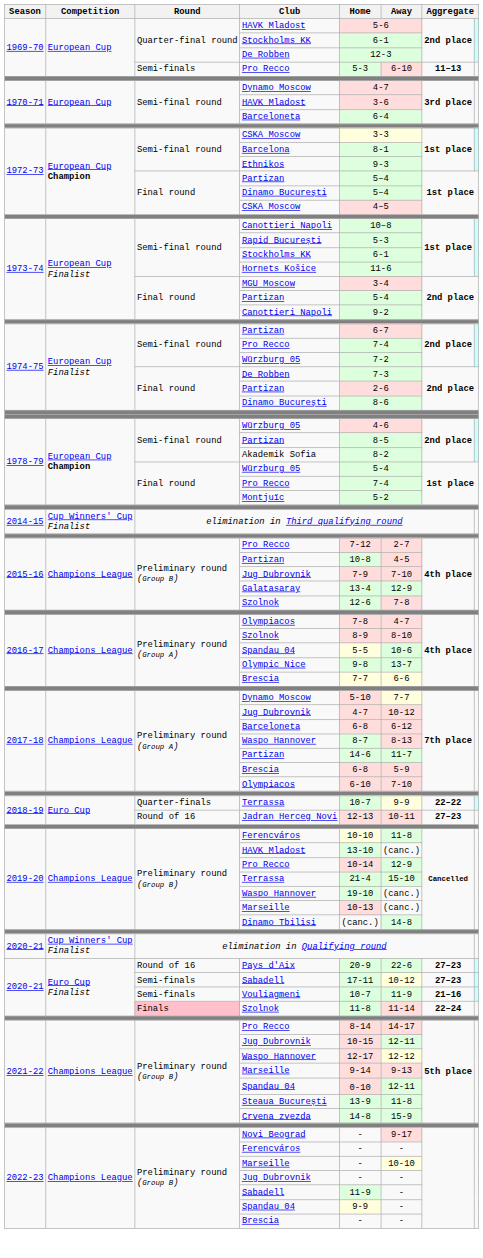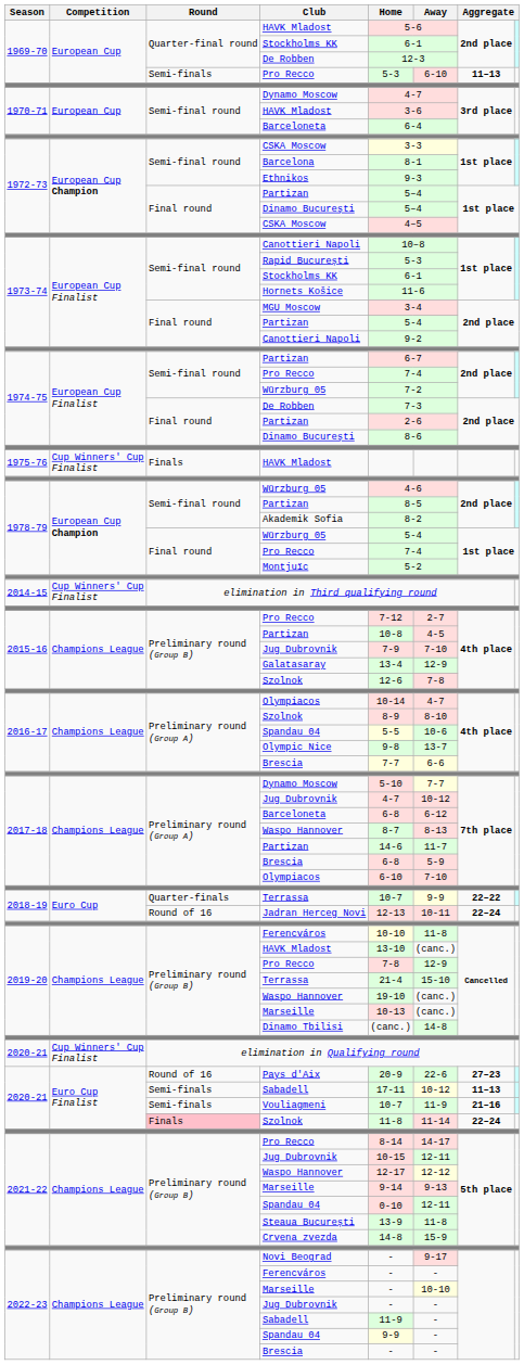 <table class="wikitable collapsible collapsed" align="center" style="text-align:left;">
 <tr>
 <th>Season</th>
 <th>Competition</th>
 <th>Round</th>
 <th>Club</th>
 <th>Home</th>
 <th>Away</th>
 <th colspan=2>Aggregate</th>
 </tr>
 <tr>
 <td rowspan=4><a href='#'>1969-70</a></td>
 <td rowspan=4><a href='#'>European Cup</a></td>
 <td rowspan=3>Quarter-final round</td>
 <td> <a href='#'>HAVK Mladost</a></td>
 <td colspan=2; style="text-align:center; background:#fdd;">5-6</td>
 <td align=center rowspan=3><strong>2nd place</strong></td>
 <td style="background-color:#CFF" align="center" rowspan=3></td>
 </tr>
 <tr>
 <td> <a href='#'>Stockholms KK</a></td>
 <td colspan=2; style="text-align:center; background:#dfd;">6-1</td>
 </tr>
 <tr>
 <td> <a href='#'>De Robben</a></td>
 <td colspan=2; style="text-align:center; background:#dfd;">12-3</td>
 </tr>
 <tr>
 <td>Semi-finals</td>
 <td> <a href='#'>Pro Recco</a></td>
 <td style="text-align:center; background:#dfd;">5-3</td>
 <td style="text-align:center; background:#fdd;">6-10</td>
 <td style="text-align:center;"><strong>11–13</strong></td>
 <td align="center"></td>
 </tr>
 <tr>
 <td colspan=8 style="text-align: center;" bgcolor=grey></td>
 </tr>
 <tr>
 <td rowspan=3><a href='#'>1970-71</a></td>
 <td rowspan=3><a href='#'>European Cup</a></td>
 <td rowspan=3>Semi-final round</td>
 <td> <a href='#'>Dynamo Moscow</a></td>
 <td colspan=2; style="text-align:center; background:#fdd;">4-7</td>
 <td align=center rowspan=3><strong>3rd place</strong></td>
 <td align="center" rowspan=3></td>
 </tr>
 <tr>
 <td> <a href='#'>HAVK Mladost</a></td>
 <td colspan=2; style="text-align:center; background:#fdd;">3-6</td>
 </tr>
 <tr>
 <td> <a href='#'>Barceloneta</a></td>
 <td colspan=2; style="text-align:center; background:#dfd;">6-4</td>
 </tr>
 <tr>
 <td colspan=8 style="text-align: center;" bgcolor=grey></td>
 </tr>
 <tr>
 <td rowspan=6><a href='#'>1972-73</a></td>
 <td rowspan=6><a href='#'>European Cup</a><br> <strong>Champion</strong></td>
 <td rowspan=3>Semi-final round</td>
 <td> <a href='#'>CSKA Moscow</a></td>
 <td colspan=2; style="text-align:center; background:#ffd;">3-3</td>
 <td align=center rowspan=3><strong>1st place</strong></td>
 <td style="background-color:#CFF" align="center" rowspan=3></td>
 </tr>
 <tr>
 <td> <a href='#'>Barcelona</a></td>
 <td colspan=2; style="text-align:center; background:#dfd;">8-1</td>
 </tr>
 <tr>
 <td> <a href='#'>Ethnikos</a></td>
 <td colspan=2; style="text-align:center; background:#dfd;">9-3</td>
 </tr>
 <tr>
 <td rowspan=3>Final round</td>
 <td> <a href='#'>Partizan</a></td>
 <td colspan=2; style="text-align:center; background:#dfd;">5–4</td>
 <td align=center rowspan=3, colspan=2><strong>1st place</strong></td>
 </tr>
 <tr>
 <td> <a href='#'>Dinamo București</a></td>
 <td colspan=2; style="text-align:center; background:#dfd;">5–4</td>
 </tr>
 <tr>
 <td> <a href='#'>CSKA Moscow</a></td>
 <td colspan=2; style="text-align:center; background:#fdd;">4–5</td>
 </tr>
 <tr>
 <td colspan=8 style="text-align: center;" bgcolor=grey></td>
 </tr>
 <tr>
 <td rowspan=7><a href='#'>1973-74</a></td>
 <td rowspan=7><a href='#'>European Cup</a><br> <em>Finalist</em></td>
 <td rowspan=4>Semi-final round</td>
 <td> <a href='#'>Canottieri Napoli</a></td>
 <td colspan=2; style="text-align:center; background:#dfd;">10–8</td>
 <td align=center rowspan=4><strong>1st place</strong></td>
 <td style="background-color:#CFF" align="center" rowspan=4></td>
 </tr>
 <tr>
 <td> <a href='#'>Rapid București</a></td>
 <td colspan=2; style="text-align:center; background:#dfd;">5-3</td>
 </tr>
 <tr>
 <td> <a href='#'>Stockholms KK</a></td>
 <td colspan=2; style="text-align:center; background:#dfd;">6-1</td>
 </tr>
 <tr>
 <td> <a href='#'>Hornets Košice</a></td>
 <td colspan=2; style="text-align:center; background:#dfd;">11-6</td>
 </tr>
 <tr>
 <td rowspan=3>Final round</td>
 <td> <a href='#'>MGU Moscow</a></td>
 <td colspan=2; style="text-align:center; background:#fdd;">3-4</td>
 <td align=center rowspan=3, colspan=2><strong>2nd place</strong></td>
 </tr>
 <tr>
 <td> <a href='#'>Partizan</a></td>
 <td colspan=2; style="text-align:center; background:#dfd;">5-4</td>
 </tr>
 <tr>
 <td> <a href='#'>Canottieri Napoli</a></td>
 <td colspan=2; style="text-align:center; background:#dfd;">9-2</td>
 </tr>
 <tr>
 <td colspan=8 style="text-align: center;" bgcolor=grey></td>
 </tr>
 <tr>
 <td rowspan=6><a href='#'>1974-75</a></td>
 <td rowspan=6><a href='#'>European Cup</a><br> <em>Finalist</em></td>
 <td rowspan=3>Semi-final round</td>
 <td> <a href='#'>Partizan</a></td>
 <td colspan=2; style="text-align:center; background:#fdd;">6-7</td>
 <td align=center rowspan=3><strong>2nd place</strong></td>
 <td style="background-color:#CFF" align="center" rowspan=3></td>
 </tr>
 <tr>
 <td> <a href='#'>Pro Recco</a></td>
 <td colspan=2; style="text-align:center; background:#dfd;">7-4</td>
 </tr>
 <tr>
 <td> <a href='#'>Würzburg 05</a></td>
 <td colspan=2; style="text-align:center; background:#dfd;">7-2</td>
 </tr>
 <tr>
 <td rowspan=3>Final round</td>
 <td> <a href='#'>De Robben</a></td>
 <td colspan=2; style="text-align:center; background:#dfd;">7-3</td>
 <td align=center rowspan=3, colspan=2><strong>2nd place</strong></td>
 </tr>
 <tr>
 <td> <a href='#'>Partizan</a></td>
 <td colspan=2; style="text-align:center; background:#fdd;">2-6</td>
 </tr>
 <tr>
 <td> <a href='#'>Dinamo București</a></td>
 <td colspan=2; style="text-align:center; background:#dfd;">8-6</td>
 </tr>
 <tr>
 <td colspan=8 style="text-align: center;" bgcolor=grey></td>
 </tr>
 <tr>
+<td rowspan=1><a href='#'>1975-76</a></td>
+<td rowspan=1><a href='#'>Cup Winners' Cup</a><br> <em>Finalist</em></td>
+<td>Finals</td>
+<td> <a href='#'>HAVK Mladost</a></td>
+<td></td>
+<td></td>
+<td style="text-align:center;"></td>
+<td align="center"></td>
+</tr>
+<tr>
 <td colspan=8 style="text-align: center;" bgcolor=grey></td>
 </tr>
 <tr>
 <td rowspan=6><a href='#'>1978-79</a></td>
 <td rowspan=6><a href='#'>European Cup</a><br> <strong>Champion</strong></td>
 <td rowspan=3>Semi-final round</td>
 <td> <a href='#'>Würzburg 05</a></td>
 <td colspan=2; style="text-align:center; background:#fdd;">4-6</td>
 <td align=center rowspan=3><strong>2nd place</strong></td>
 <td style="background-color:#CFF" align="center" rowspan=3></td>
 </tr>
 <tr>
 <td> <a href='#'>Partizan</a></td>
 <td colspan=2; style="text-align:center; background:#dfd;">8-5</td>
 </tr>
 <tr>
 <td> Akademik Sofia</td>
 <td colspan=2; style="text-align:center; background:#dfd;">8-2</td>
 </tr>
 <tr>
 <td rowspan=3>Final round</td>
 <td> <a href='#'>Würzburg 05</a></td>
 <td colspan=2; style="text-align:center; background:#dfd;">5-4</td>
 <td align=center rowspan=3, colspan=2><strong>1st place</strong></td>
 </tr>
 <tr>
 <td> <a href='#'>Pro Recco</a></td>
 <td colspan=2; style="text-align:center; background:#dfd;">7-4</td>
 </tr>
 <tr>
 <td> <a href='#'>Montjuïc</a></td>
 <td colspan=2; style="text-align:center; background:#dfd;">5-2</td>
 </tr>
 <tr>
 <td colspan=8 style="text-align: center;" bgcolor=grey></td>
 </tr>
 <tr>
 <td rowspan=1><a href='#'>2014-15</a></td>
 <td rowspan=1><a href='#'>Cup Winners' Cup</a><br> <em>Finalist</em></td>
 <td colspan=5; align="center"><em>elimination in <a href='#'>Third qualifying round</a></em></td>
 <td align="center"></td>
 </tr>
 <tr>
 <td colspan=8 style="text-align: center;" bgcolor=grey></td>
 </tr>
 <tr>
 <td rowspan=5><a href='#'>2015-16</a></td>
 <td rowspan=5><a href='#'>Champions League</a></td>
 <td rowspan=5>Preliminary round<br><em>(<small>Group B</small>)</em></td>
 <td> <a href='#'>Pro Recco</a></td>
 <td style="text-align:center; background:#fdd;">7-12</td>
 <td style="text-align:center; background:#fdd;">2-7</td>
 <td align=center rowspan=5><strong>4th place</strong></td>
 <td align="center" rowspan=5></td>
 </tr>
 <tr>
 <td> <a href='#'>Partizan</a></td>
 <td style="text-align:center; background:#dfd;">10-8</td>
 <td style="text-align:center; background:#fdd;">4-5</td>
 </tr>
 <tr>
 <td> <a href='#'>Jug Dubrovnik</a></td>
 <td style="text-align:center; background:#fdd;">7-9</td>
 <td style="text-align:center; background:#fdd;">7-10</td>
 </tr>
 <tr>
 <td> <a href='#'>Galatasaray</a></td>
 <td style="text-align:center; background:#dfd;">13-4</td>
 <td style="text-align:center; background:#dfd;">12-9</td>
 </tr>
 <tr>
 <td> <a href='#'>Szolnok</a></td>
 <td style="text-align:center; background:#dfd;">12-6</td>
 <td style="text-align:center; background:#fdd;">7-8</td>
 </tr>
 <tr>
 <td colspan=8 style="text-align: center;" bgcolor=grey></td>
 </tr>
 <tr>
 <td rowspan=5><a href='#'>2016-17</a></td>
 <td rowspan=5><a href='#'>Champions League</a></td>
 <td rowspan=5>Preliminary round<br><em>(<small>Group A</small>)</em></td>
 <td> <a href='#'>Olympiacos</a></td>
-<td style="text-align:center; background:#fdd;">7-8</td>
+<td style="text-align:center; background:#fdd;">10-14</td>
 <td style="text-align:center; background:#fdd;">4-7</td>
 <td align=center rowspan=5><strong>4th place</strong></td>
 <td align="center" rowspan=5></td>
 </tr>
 <tr>
 <td> <a href='#'>Szolnok</a></td>
 <td style="text-align:center; background:#fdd;">8-9</td>
 <td style="text-align:center; background:#fdd;">8-10</td>
 </tr>
 <tr>
 <td> <a href='#'>Spandau 04</a></td>
 <td style="text-align:center; background:#ffd;">5-5</td>
 <td style="text-align:center; background:#dfd;">10-6</td>
 </tr>
 <tr>
 <td> <a href='#'>Olympic Nice</a></td>
 <td style="text-align:center; background:#dfd;">9-8</td>
 <td style="text-align:center; background:#dfd;">13-7</td>
 </tr>
 <tr>
 <td> <a href='#'>Brescia</a></td>
 <td style="text-align:center; background:#ffd;">7-7</td>
 <td style="text-align:center; background:#ffd;">6-6</td>
 </tr>
 <tr>
 <td colspan=8 style="text-align: center;" bgcolor=grey></td>
 </tr>
 <tr>
 <td rowspan=7><a href='#'>2017-18</a></td>
 <td rowspan=7><a href='#'>Champions League</a></td>
 <td rowspan=7>Preliminary round<br><em>(<small>Group A</small>)</em></td>
 <td> <a href='#'>Dynamo Moscow</a></td>
 <td style="text-align:center; background:#fdd;">5-10</td>
 <td style="text-align:center; background:#ffd;">7-7</td>
 <td align=center rowspan=7><strong>7th place</strong></td>
 <td align="center" rowspan=7></td>
 </tr>
 <tr>
 <td> <a href='#'>Jug Dubrovnik</a></td>
 <td style="text-align:center; background:#fdd;">4-7</td>
 <td style="text-align:center; background:#fdd;">10-12</td>
 </tr>
 <tr>
 <td> <a href='#'>Barceloneta</a></td>
 <td style="text-align:center; background:#fdd;">6-8</td>
 <td style="text-align:center; background:#fdd;">6-12</td>
 </tr>
 <tr>
 <td> <a href='#'>Waspo Hannover</a></td>
 <td style="text-align:center; background:#dfd;">8-7</td>
 <td style="text-align:center; background:#fdd;">8-13</td>
 </tr>
 <tr>
 <td> <a href='#'>Partizan</a></td>
 <td style="text-align:center; background:#dfd;">14-6</td>
 <td style="text-align:center; background:#dfd;">11-7</td>
 </tr>
 <tr>
 <td> <a href='#'>Brescia</a></td>
 <td style="text-align:center; background:#fdd;">6-8</td>
 <td style="text-align:center; background:#fdd;">5-9</td>
 </tr>
 <tr>
 <td> <a href='#'>Olympiacos</a></td>
 <td style="text-align:center; background:#fdd;">6-10</td>
 <td style="text-align:center; background:#fdd;">7-10</td>
 </tr>
 <tr>
 <td colspan=8 style="text-align: center;" bgcolor=grey></td>
 </tr>
 <tr>
 <td rowspan=2><a href='#'>2018-19</a></td>
 <td rowspan=2><a href='#'>Euro Cup</a></td>
 <td>Quarter-finals</td>
 <td> <a href='#'>Terrassa</a></td>
 <td style="text-align:center; background:#dfd;">10-7</td>
 <td style="text-align:center; background:#ffd;">9-9</td>
 <td style="text-align:center;"><strong>22–22 </strong></td>
 <td style="background-color:#CFF" align="center"></td>
 </tr>
 <tr>
 <td>Round of 16</td>
 <td> <a href='#'>Jadran Herceg Novi</a></td>
 <td style="text-align:center; background:#fdd;">12-13</td>
 <td style="text-align:center; background:#fdd;">10-11</td>
-<td style="text-align:center;"><strong>27–23</strong></td>
+<td style="text-align:center;"><strong>22–24</strong></td>
 <td align="center"></td>
 </tr>
 <tr>
 <td colspan=8 style="text-align: center;" bgcolor=grey></td>
 </tr>
 <tr>
 <td rowspan=7><a href='#'>2019-20</a></td>
 <td rowspan=7><a href='#'>Champions League</a></td>
 <td rowspan=7>Preliminary round<br><em>(<small>Group B</small>)</em></td>
 <td> <a href='#'>Ferencváros</a></td>
 <td style="text-align:center; background:#ffd;">10-10</td>
 <td style="text-align:center; background:#dfd;">11-8</td>
 <td align="center"rowspan=7><small><strong>Cancelled</strong></small></td>
 </tr>
 <tr>
 <td> <a href='#'>HAVK Mladost</a></td>
 <td style="text-align:center; background:#dfd;">13-10</td>
 <td style="text-align:center">(canc.)</td>
 </tr>
 <tr>
 <td> <a href='#'>Pro Recco</a></td>
-<td style="text-align:center; background:#fdd;">10-14</td>
+<td style="text-align:center; background:#fdd;">7-8</td>
 <td style="text-align:center; background:#dfd;">12-9</td>
 </tr>
 <tr>
 <td> <a href='#'>Terrassa</a></td>
 <td style="text-align:center; background:#dfd;">21-4</td>
 <td style="text-align:center; background:#dfd;">15-10</td>
 </tr>
 <tr>
 <td> <a href='#'>Waspo Hannover</a></td>
 <td style="text-align:center; background:#dfd;">19-10</td>
 <td style="text-align:center">(canc.)</td>
 </tr>
 <tr>
 <td> <a href='#'>Marseille</a></td>
 <td style="text-align:center; background:#fdd;">10-13</td>
 <td style="text-align:center">(canc.)</td>
 </tr>
 <tr>
 <td> <a href='#'>Dinamo Tbilisi</a></td>
 <td style="text-align:center">(canc.)</td>
 <td style="text-align:center; background:#dfd;">14-8</td>
 </tr>
 <tr>
 <td colspan=8 style="text-align: center;" bgcolor=grey></td>
 </tr>
 <tr>
 <td rowspan=1><a href='#'>2020-21</a></td>
 <td rowspan=1><a href='#'>Cup Winners' Cup</a><br> <em>Finalist</em></td>
 <td colspan=5; align="center"><em>elimination in <a href='#'>Qualifying round</a></em></td>
 <td align="center"></td>
 </tr>
 <tr>
 <td rowspan=4><a href='#'>2020-21</a></td>
 <td rowspan=4><a href='#'>Euro Cup</a><br> <em>Finalist</em></td>
 <td>Round of 16</td>
 <td> <a href='#'>Pays d'Aix</a></td>
 <td style="text-align:center; background:#dfd;">20-9</td>
 <td style="text-align:center; background:#dfd;">22-6</td>
 <td style="text-align:center;"><strong>27–23</strong></td>
 <td style="background-color:#CFF" align="center"></td>
 </tr>
 <tr>
 <td>Semi-finals</td>
 <td> <a href='#'>Sabadell</a></td>
 <td style="text-align:center; background:#dfd;">17-11</td>
 <td style="text-align:center; background:#ffd;">10-12</td>
-<td style="text-align:center;"><strong>27–23</strong></td>
+<td style="text-align:center;"><strong>11–13</strong></td>
 <td style="background-color:#CFF" align="center"></td>
 </tr>
 <tr>
 <td>Semi-finals</td>
 <td> <a href='#'>Vouliagmeni</a></td>
 <td style="text-align:center; background:#dfd;">10-7</td>
 <td style="text-align:center; background:#dfd;">11-9</td>
 <td style="text-align:center;"><strong>21–16</strong></td>
 <td style="background-color:#CFF" align="center"></td>
 </tr>
 <tr>
 <td style="background: pink;">Finals</td>
 <td> <a href='#'>Szolnok</a></td>
 <td style="text-align:center; background:#dfd;">11-8</td>
 <td style="text-align:center; background:#fdd;">11-14</td>
 <td style="text-align:center;"><strong>22–24</strong></td>
 <td align="center"></td>
 </tr>
 <tr>
 <td colspan=8 style="text-align: center;" bgcolor=grey></td>
 </tr>
 <tr>
 <td rowspan=7><a href='#'>2021-22</a></td>
 <td rowspan=7><a href='#'>Champions League</a></td>
 <td rowspan=7>Preliminary round<br><em>(<small>Group B</small>)</em></td>
 <td> <a href='#'>Pro Recco</a></td>
 <td style="text-align:center; background:#fdd;">8-14</td>
 <td style="text-align:center; background:#fdd;">14-17</td>
 <td align=center rowspan=7><strong>5th place</strong></td>
 <td align="center" rowspan=7></td>
 </tr>
 <tr>
 <td> <a href='#'>Jug Dubrovnik</a></td>
 <td style="text-align:center; background:#fdd;">10-15</td>
 <td style="text-align:center; background:#dfd;">12-11</td>
 </tr>
 <tr>
 <td> <a href='#'>Waspo Hannover</a></td>
 <td style="text-align:center; background:#fdd;">12-17</td>
 <td style="text-align:center; background:#ffd;">12-12</td>
 </tr>
 <tr>
 <td> <a href='#'>Marseille</a></td>
 <td style="text-align:center; background:#fdd;">9-14</td>
 <td style="text-align:center; background:#fdd;">9-13</td>
 </tr>
 <tr>
 <td> <a href='#'>Spandau 04</a></td>
 <td style="text-align:center; background:#fdd;">0-10<sup></sup></td>
 <td style="text-align:center; background:#dfd;">12-11</td>
 </tr>
 <tr>
 <td> <a href='#'>Steaua București</a></td>
 <td style="text-align:center; background:#dfd;">13-9</td>
 <td style="text-align:center; background:#dfd;">11-8</td>
 </tr>
 <tr>
 <td> <a href='#'>Crvena zvezda</a></td>
 <td style="text-align:center; background:#dfd;">14-8</td>
 <td style="text-align:center; background:#dfd;">15-9</td>
 </tr>
 <tr>
 <td colspan=8 style="text-align: center;" bgcolor=grey></td>
 </tr>
 <tr>
 <td rowspan=7><a href='#'>2022-23</a></td>
 <td rowspan=7><a href='#'>Champions League</a></td>
 <td rowspan=7>Preliminary round<br><em>(<small>Group B</small>)</em></td>
 <td> <a href='#'>Novi Beograd</a></td>
 <td style="text-align:center; ">-</td>
 <td style="text-align:center; background:#fdd;">9-17</td>
 <td align=center rowspan=7></td>
 <td align="center" rowspan=7></td>
 </tr>
 <tr>
 <td> <a href='#'>Ferencváros</a></td>
 <td style="text-align:center; ">-</td>
 <td style="text-align:center; ">-</td>
 </tr>
 <tr>
 <td> <a href='#'>Marseille</a></td>
 <td style="text-align:center; ">-</td>
 <td style="text-align:center; background:#ffd;">10-10</td>
 </tr>
 <tr>
 <td> <a href='#'>Jug Dubrovnik</a></td>
 <td style="text-align:center; ">-</td>
 <td style="text-align:center; ">-</td>
 </tr>
 <tr>
 <td> <a href='#'>Sabadell</a></td>
 <td style="text-align:center; background:#dfd;">11-9</td>
 <td style="text-align:center; ">-</td>
 </tr>
 <tr>
 <td> <a href='#'>Spandau 04</a></td>
 <td style="text-align:center; background:#ffd;">9-9</td>
 <td style="text-align:center; ">-</td>
 </tr>
 <tr>
 <td> <a href='#'>Brescia</a></td>
 <td style="text-align:center; ">-</td>
 <td style="text-align:center; ">-</td>
 </tr>
 </table>
